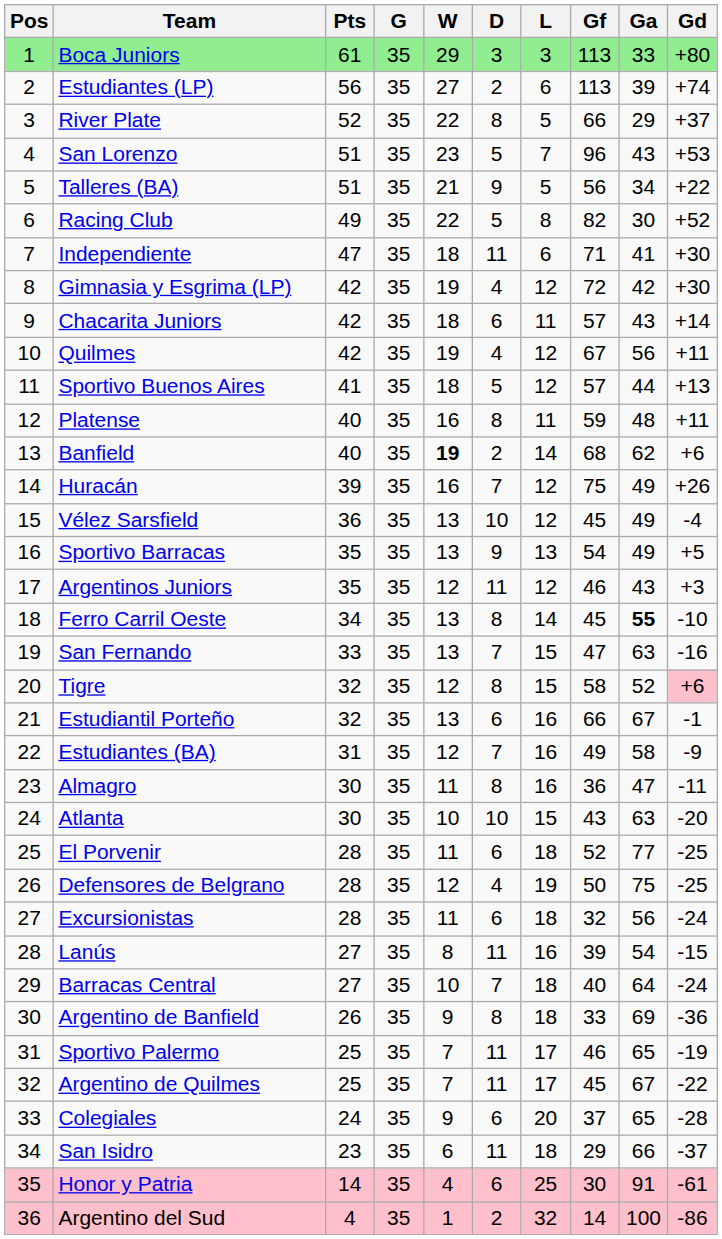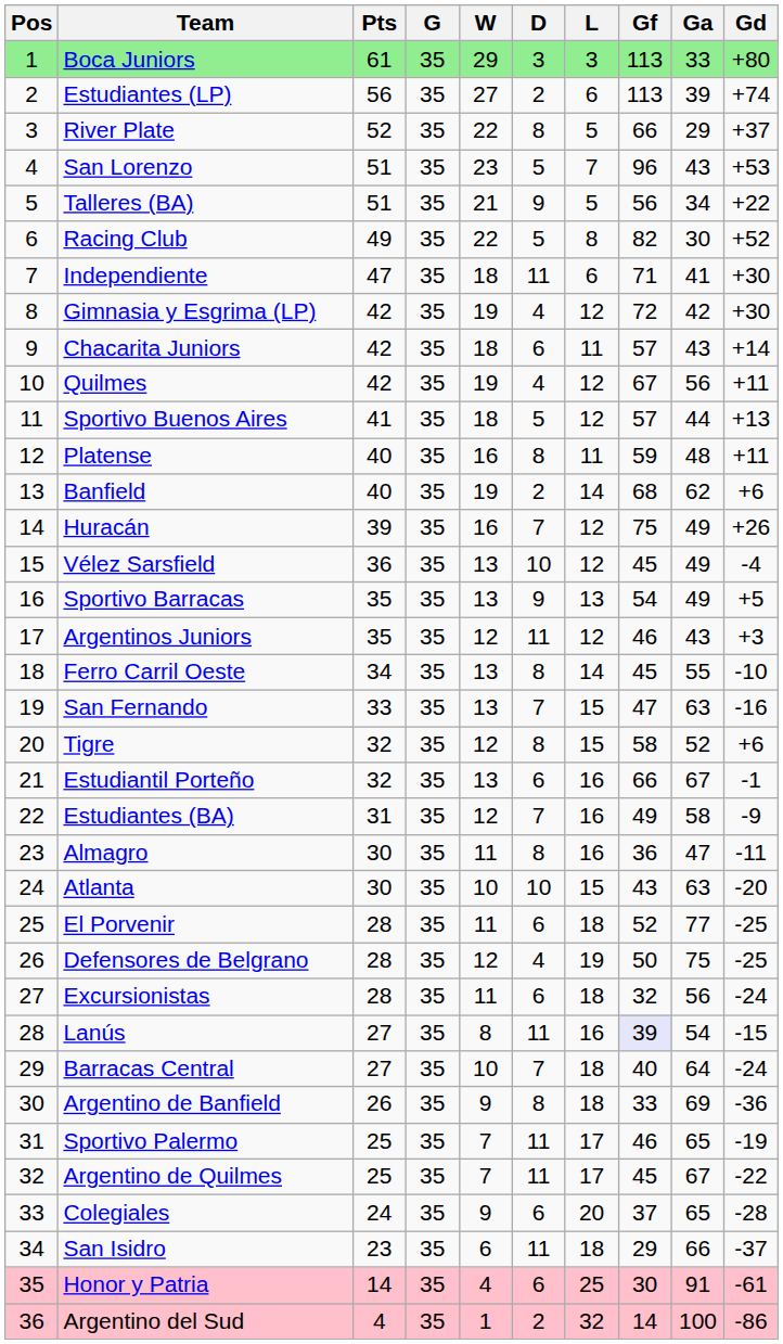 <table class="wikitable" style="text-align:center">
 <tr>
 <th width=30px>Pos</th>
 <th width=200px>Team</th>
 <th width=30px>Pts</th>
 <th width=30px>G</th>
 <th width=30px>W</th>
 <th width=30px>D</th>
 <th width=30px>L</th>
 <th width=30px>Gf</th>
 <th width=30px>Ga</th>
 <th width=30px>Gd</th>
 </tr>
 <tr bgcolor="lightgreen">
 <td>1</td>
 <td align="left"><a href='#'>Boca Juniors</a></td>
 <td>61</td>
 <td>35</td>
 <td>29</td>
 <td>3</td>
 <td>3</td>
 <td>113</td>
 <td>33</td>
 <td>+80</td>
 </tr>
 <tr>
 <td>2</td>
 <td align="left"><a href='#'>Estudiantes (LP)</a></td>
 <td>56</td>
 <td>35</td>
 <td>27</td>
 <td>2</td>
 <td>6</td>
 <td>113</td>
 <td>39</td>
 <td>+74</td>
 </tr>
 <tr>
 <td>3</td>
 <td align="left"><a href='#'>River Plate</a></td>
 <td>52</td>
 <td>35</td>
 <td>22</td>
 <td>8</td>
 <td>5</td>
 <td>66</td>
 <td>29</td>
 <td>+37</td>
 </tr>
 <tr>
 <td>4</td>
 <td align="left"><a href='#'>San Lorenzo</a></td>
 <td>51</td>
 <td>35</td>
 <td>23</td>
 <td>5</td>
 <td>7</td>
 <td>96</td>
 <td>43</td>
 <td>+53</td>
 </tr>
 <tr>
 <td>5</td>
 <td align="left"><a href='#'>Talleres (BA)</a></td>
 <td>51</td>
 <td>35</td>
 <td>21</td>
 <td>9</td>
 <td>5</td>
 <td>56</td>
 <td>34</td>
 <td>+22</td>
 </tr>
 <tr>
 <td>6</td>
 <td align="left"><a href='#'>Racing Club</a></td>
 <td>49</td>
 <td>35</td>
 <td>22</td>
 <td>5</td>
 <td>8</td>
 <td>82</td>
 <td>30</td>
 <td>+52</td>
 </tr>
 <tr>
 <td>7</td>
 <td align="left"><a href='#'>Independiente</a></td>
 <td>47</td>
 <td>35</td>
 <td>18</td>
 <td>11</td>
 <td>6</td>
 <td>71</td>
 <td>41</td>
 <td>+30</td>
 </tr>
 <tr>
 <td>8</td>
 <td align="left"><a href='#'>Gimnasia y Esgrima (LP)</a></td>
 <td>42</td>
 <td>35</td>
 <td>19</td>
 <td>4</td>
 <td>12</td>
 <td>72</td>
 <td>42</td>
 <td>+30</td>
 </tr>
 <tr>
 <td>9</td>
 <td align="left"><a href='#'>Chacarita Juniors</a></td>
 <td>42</td>
 <td>35</td>
 <td>18</td>
 <td>6</td>
 <td>11</td>
 <td>57</td>
 <td>43</td>
 <td>+14</td>
 </tr>
 <tr>
 <td>10</td>
 <td align="left"><a href='#'>Quilmes</a></td>
 <td>42</td>
 <td>35</td>
 <td>19</td>
 <td>4</td>
 <td>12</td>
 <td>67</td>
 <td>56</td>
 <td>+11</td>
 </tr>
 <tr>
 <td>11</td>
 <td align="left"><a href='#'>Sportivo Buenos Aires</a></td>
 <td>41</td>
 <td>35</td>
 <td>18</td>
 <td>5</td>
 <td>12</td>
 <td>57</td>
 <td>44</td>
 <td>+13</td>
 </tr>
 <tr>
 <td>12</td>
 <td align="left"><a href='#'>Platense</a></td>
 <td>40</td>
 <td>35</td>
 <td>16</td>
 <td>8</td>
 <td>11</td>
 <td>59</td>
 <td>48</td>
 <td>+11</td>
 </tr>
 <tr>
 <td>13</td>
 <td align="left"><a href='#'>Banfield</a></td>
 <td>40</td>
 <td>35</td>
-<td><strong>19</strong></td>
+<td>19</td>
 <td>2</td>
 <td>14</td>
 <td>68</td>
 <td>62</td>
 <td>+6</td>
 </tr>
 <tr>
 <td>14</td>
 <td align="left"><a href='#'>Huracán</a></td>
 <td>39</td>
 <td>35</td>
 <td>16</td>
 <td>7</td>
 <td>12</td>
 <td>75</td>
 <td>49</td>
 <td>+26</td>
 </tr>
 <tr>
 <td>15</td>
 <td align="left"><a href='#'>Vélez Sarsfield</a></td>
 <td>36</td>
 <td>35</td>
 <td>13</td>
 <td>10</td>
 <td>12</td>
 <td>45</td>
 <td>49</td>
 <td>-4</td>
 </tr>
 <tr>
 <td>16</td>
 <td align="left"><a href='#'>Sportivo Barracas</a></td>
 <td>35</td>
 <td>35</td>
 <td>13</td>
 <td>9</td>
 <td>13</td>
 <td>54</td>
 <td>49</td>
 <td>+5</td>
 </tr>
 <tr>
 <td>17</td>
 <td align="left"><a href='#'>Argentinos Juniors</a></td>
 <td>35</td>
 <td>35</td>
 <td>12</td>
 <td>11</td>
 <td>12</td>
 <td>46</td>
 <td>43</td>
 <td>+3</td>
 </tr>
 <tr>
 <td>18</td>
 <td align="left"><a href='#'>Ferro Carril Oeste</a></td>
 <td>34</td>
 <td>35</td>
 <td>13</td>
 <td>8</td>
 <td>14</td>
 <td>45</td>
-<td><strong>55</strong></td>
+<td>55</td>
 <td>-10</td>
 </tr>
 <tr>
 <td>19</td>
 <td align="left"><a href='#'>San Fernando</a></td>
 <td>33</td>
 <td>35</td>
 <td>13</td>
 <td>7</td>
 <td>15</td>
 <td>47</td>
 <td>63</td>
 <td>-16</td>
 </tr>
 <tr>
 <td>20</td>
 <td align="left"><a href='#'>Tigre</a></td>
 <td>32</td>
 <td>35</td>
 <td>12</td>
 <td>8</td>
 <td>15</td>
 <td>58</td>
 <td>52</td>
-<td style="background: pink;">+6</td>
+<td>+6</td>
 </tr>
 <tr>
 <td>21</td>
 <td align="left"><a href='#'>Estudiantil Porteño</a></td>
 <td>32</td>
 <td>35</td>
 <td>13</td>
 <td>6</td>
 <td>16</td>
 <td>66</td>
 <td>67</td>
 <td>-1</td>
 </tr>
 <tr>
 <td>22</td>
 <td align="left"><a href='#'>Estudiantes (BA)</a></td>
 <td>31</td>
 <td>35</td>
 <td>12</td>
 <td>7</td>
 <td>16</td>
 <td>49</td>
 <td>58</td>
 <td>-9</td>
 </tr>
 <tr>
 <td>23</td>
 <td align="left"><a href='#'>Almagro</a></td>
 <td>30</td>
 <td>35</td>
 <td>11</td>
 <td>8</td>
 <td>16</td>
 <td>36</td>
 <td>47</td>
 <td>-11</td>
 </tr>
 <tr>
 <td>24</td>
 <td align="left"><a href='#'>Atlanta</a></td>
 <td>30</td>
 <td>35</td>
 <td>10</td>
 <td>10</td>
 <td>15</td>
 <td>43</td>
 <td>63</td>
 <td>-20</td>
 </tr>
 <tr>
 <td>25</td>
 <td align="left"><a href='#'>El Porvenir</a></td>
 <td>28</td>
 <td>35</td>
 <td>11</td>
 <td>6</td>
 <td>18</td>
 <td>52</td>
 <td>77</td>
 <td>-25</td>
 </tr>
 <tr>
 <td>26</td>
 <td align="left"><a href='#'>Defensores de Belgrano</a></td>
 <td>28</td>
 <td>35</td>
 <td>12</td>
 <td>4</td>
 <td>19</td>
 <td>50</td>
 <td>75</td>
 <td>-25</td>
 </tr>
 <tr>
 <td>27</td>
 <td align="left"><a href='#'>Excursionistas</a></td>
 <td>28</td>
 <td>35</td>
 <td>11</td>
 <td>6</td>
 <td>18</td>
 <td>32</td>
 <td>56</td>
 <td>-24</td>
 </tr>
 <tr>
 <td>28</td>
 <td align="left"><a href='#'>Lanús</a></td>
 <td>27</td>
 <td>35</td>
 <td>8</td>
 <td>11</td>
 <td>16</td>
-<td>39</td>
+<td style="background: lavender;">39</td>
 <td>54</td>
 <td>-15</td>
 </tr>
 <tr>
 <td>29</td>
 <td align="left"><a href='#'>Barracas Central</a></td>
 <td>27</td>
 <td>35</td>
 <td>10</td>
 <td>7</td>
 <td>18</td>
 <td>40</td>
 <td>64</td>
 <td>-24</td>
 </tr>
 <tr>
 <td>30</td>
 <td align="left"><a href='#'>Argentino de Banfield</a></td>
 <td>26</td>
 <td>35</td>
 <td>9</td>
 <td>8</td>
 <td>18</td>
 <td>33</td>
 <td>69</td>
 <td>-36</td>
 </tr>
 <tr>
 <td>31</td>
 <td align="left"><a href='#'>Sportivo Palermo</a></td>
 <td>25</td>
 <td>35</td>
 <td>7</td>
 <td>11</td>
 <td>17</td>
 <td>46</td>
 <td>65</td>
 <td>-19</td>
 </tr>
 <tr>
 <td>32</td>
 <td align="left"><a href='#'>Argentino de Quilmes</a></td>
 <td>25</td>
 <td>35</td>
 <td>7</td>
 <td>11</td>
 <td>17</td>
 <td>45</td>
 <td>67</td>
 <td>-22</td>
 </tr>
 <tr>
 <td>33</td>
 <td align="left"><a href='#'>Colegiales</a></td>
 <td>24</td>
 <td>35</td>
 <td>9</td>
 <td>6</td>
 <td>20</td>
 <td>37</td>
 <td>65</td>
 <td>-28</td>
 </tr>
 <tr>
 <td>34</td>
 <td align="left"><a href='#'>San Isidro</a></td>
 <td>23</td>
 <td>35</td>
 <td>6</td>
 <td>11</td>
 <td>18</td>
 <td>29</td>
 <td>66</td>
 <td>-37</td>
 </tr>
 <tr bgcolor="pink">
 <td>35</td>
 <td align="left"><a href='#'>Honor y Patria</a></td>
 <td>14</td>
 <td>35</td>
 <td>4</td>
 <td>6</td>
 <td>25</td>
 <td>30</td>
 <td>91</td>
 <td>-61</td>
 </tr>
 <tr bgcolor="pink">
 <td>36</td>
 <td align="left">Argentino del Sud</td>
 <td>4</td>
 <td>35</td>
 <td>1</td>
 <td>2</td>
 <td>32</td>
 <td>14</td>
 <td>100</td>
 <td>-86</td>
 </tr>
 <tr>
 </tr>
 </table>
